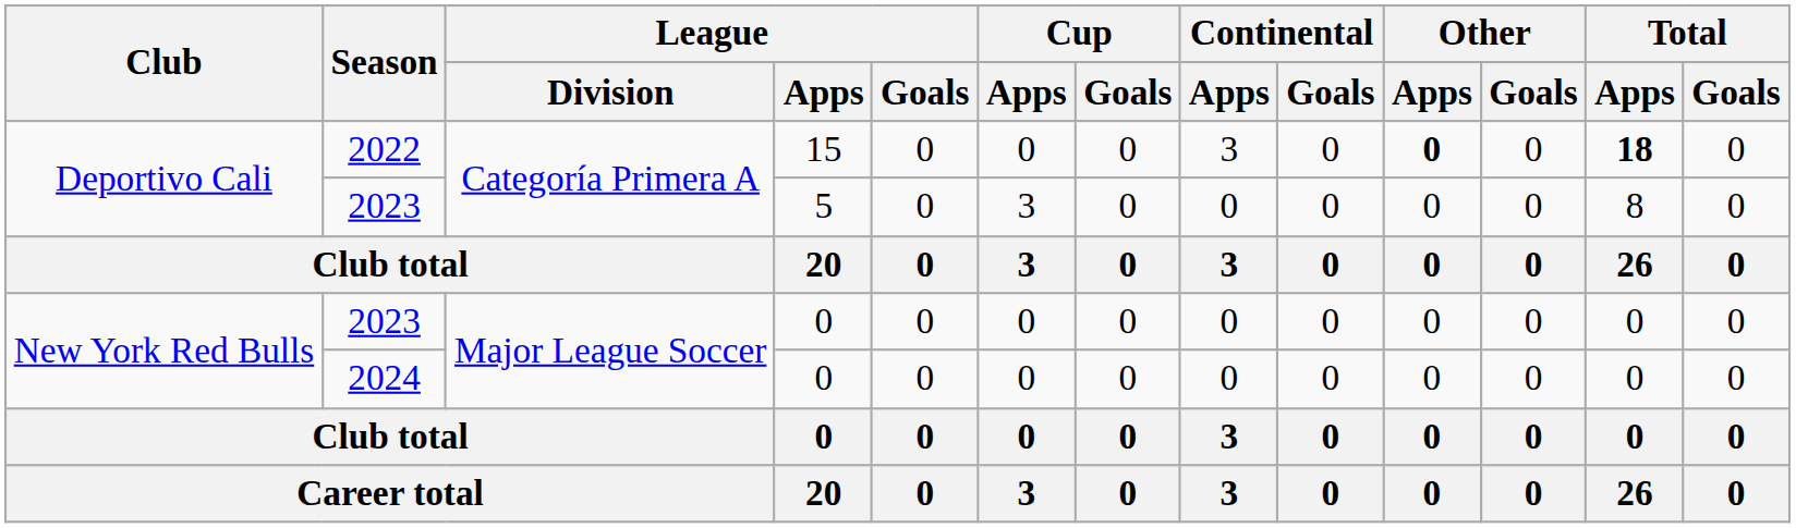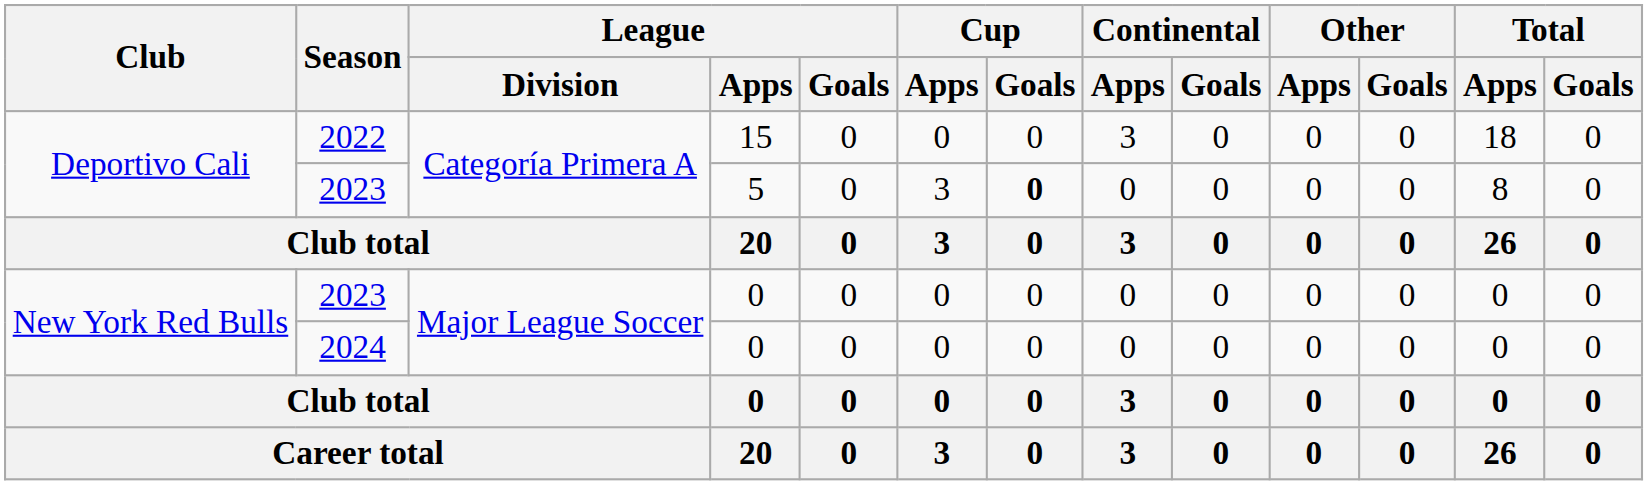 <table class=wikitable style=text-align:center>
 <tr>
 <th rowspan="2">Club</th>
 <th rowspan="2">Season</th>
 <th colspan="3">League</th>
 <th colspan="2">Cup</th>
 <th colspan="2">Continental</th>
 <th colspan="2">Other</th>
 <th colspan="2">Total</th>
 </tr>
 <tr>
 <th>Division</th>
 <th>Apps</th>
 <th>Goals</th>
 <th>Apps</th>
 <th>Goals</th>
 <th>Apps</th>
 <th>Goals</th>
 <th>Apps</th>
 <th>Goals</th>
 <th>Apps</th>
 <th>Goals</th>
 </tr>
 <tr>
 <td rowspan="2"><a href='#'>Deportivo Cali</a></td>
 <td><a href='#'>2022</a></td>
 <td rowspan="2"><a href='#'>Categoría Primera A</a></td>
 <td>15</td>
 <td>0</td>
 <td>0</td>
 <td>0</td>
 <td>3</td>
 <td>0</td>
-<td><strong>0</strong></td>
 <td>0</td>
-<td><strong>18</strong></td>
+<td>0</td>
+<td>18</td>
 <td>0</td>
 </tr>
 <tr>
 <td><a href='#'>2023</a></td>
 <td>5</td>
 <td>0</td>
 <td>3</td>
-<td>0</td>
+<td><strong>0</strong></td>
 <td>0</td>
 <td>0</td>
 <td>0</td>
 <td>0</td>
 <td>8</td>
 <td>0</td>
 </tr>
 <tr>
 <th colspan="3">Club total</th>
 <th>20</th>
 <th>0</th>
 <th>3</th>
 <th>0</th>
 <th>3</th>
 <th>0</th>
 <th>0</th>
 <th>0</th>
 <th>26</th>
 <th>0</th>
 </tr>
 <tr>
 <td rowspan="2"><a href='#'>New York Red Bulls</a></td>
 <td><a href='#'>2023</a></td>
 <td rowspan="2"><a href='#'>Major League Soccer</a></td>
 <td>0</td>
 <td>0</td>
 <td>0</td>
 <td>0</td>
 <td>0</td>
 <td>0</td>
 <td>0</td>
 <td>0</td>
 <td>0</td>
 <td>0</td>
 </tr>
 <tr>
 <td><a href='#'>2024</a></td>
 <td>0</td>
 <td>0</td>
 <td>0</td>
 <td>0</td>
 <td>0</td>
 <td>0</td>
 <td>0</td>
 <td>0</td>
 <td>0</td>
 <td>0</td>
 </tr>
 <tr>
 <th colspan="3">Club total</th>
 <th>0</th>
 <th>0</th>
 <th>0</th>
 <th>0</th>
 <th>3</th>
 <th>0</th>
 <th>0</th>
 <th>0</th>
 <th>0</th>
 <th>0</th>
 </tr>
 <tr>
 <th colspan="3"><strong>Career total</strong></th>
 <th>20</th>
 <th>0</th>
 <th>3</th>
 <th>0</th>
 <th>3</th>
 <th>0</th>
 <th>0</th>
 <th>0</th>
 <th>26</th>
 <th>0</th>
 </tr>
 </table>
